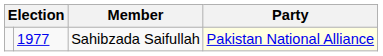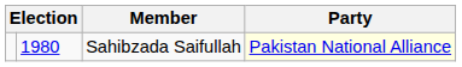 <table class="wikitable">
 <tr>
 <th colspan="2">Election</th>
 <th>Member</th>
 <th>Party</th>
 </tr>
 <tr>
 <td style="background-color: "></td>
-<td><a href='#'>1977</a></td>
+<td><a href='#'>1980</a></td>
 <td>Sahibzada Saifullah</td>
 <td style="background: lightyellow;"><a href='#'>Pakistan National Alliance</a></td>
 </tr>
 </table>
